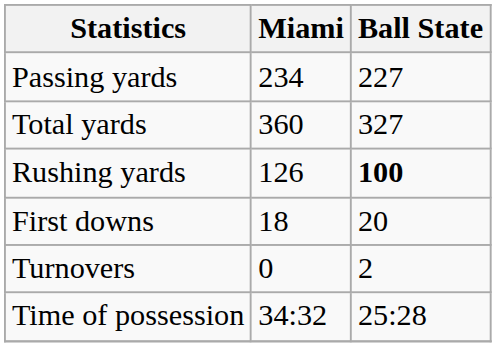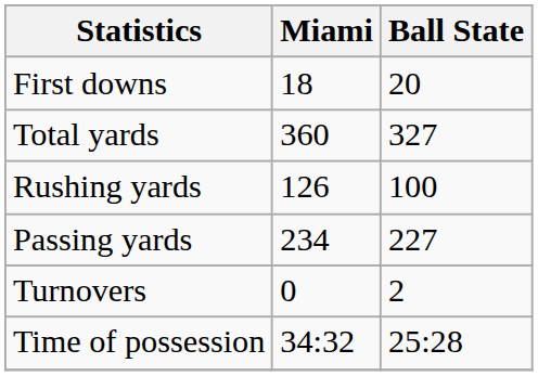 <table class="wikitable">
 <tr>
 <th>Statistics</th>
 <th>Miami</th>
 <th>Ball State</th>
 </tr>
 <tr>
-<td>Passing yards</td>
-<td>234</td>
-<td>227</td>
+<td>First downs</td>
+<td>18</td>
+<td>20</td>
 </tr>
 <tr>
 <td>Total yards</td>
 <td>360</td>
 <td>327</td>
 </tr>
 <tr>
 <td>Rushing yards</td>
 <td>126</td>
-<td><strong>100</strong></td>
+<td>100</td>
 </tr>
 <tr>
-<td>First downs</td>
-<td>18</td>
-<td>20</td>
+<td>Passing yards</td>
+<td>234</td>
+<td>227</td>
 </tr>
 <tr>
 <td>Turnovers</td>
 <td>0</td>
 <td>2</td>
 </tr>
 <tr>
 <td>Time of possession</td>
 <td>34:32</td>
 <td>25:28</td>
 </tr>
 <tr>
 </tr>
 </table>
